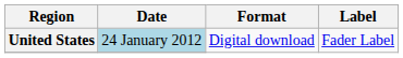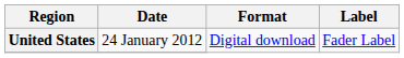 <table class="wikitable plainrowheaders">
 <tr>
 <th scope="col">Region</th>
 <th scope="col">Date</th>
 <th scope="col">Format</th>
 <th scope="col">Label</th>
 </tr>
 <tr>
 <th scope="row">United States</th>
-<td style="background: lightblue;">24 January 2012</td>
+<td>24 January 2012</td>
 <td rowspan="2"><a href='#'>Digital download</a></td>
 <td rowspan="2"><a href='#'>Fader Label</a></td>
 </tr>
 <tr>
 </tr>
 </table>
